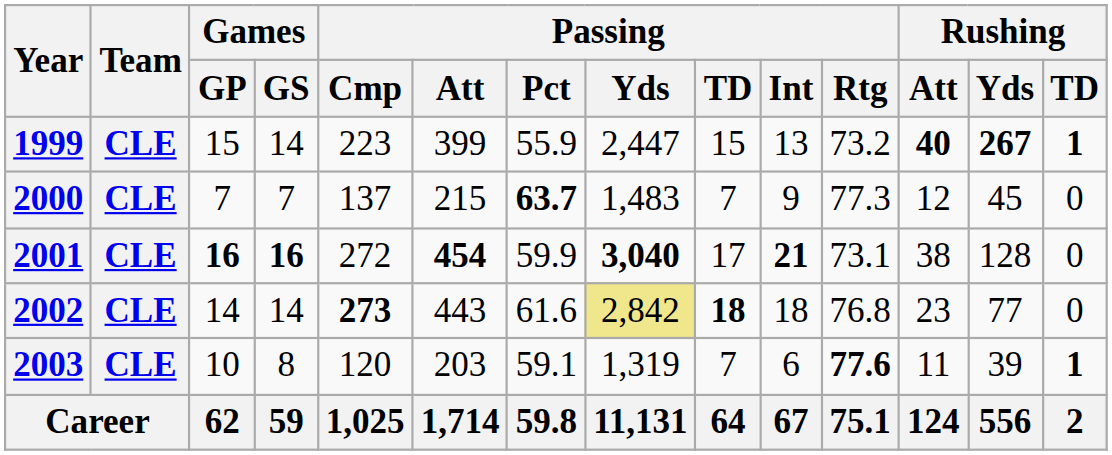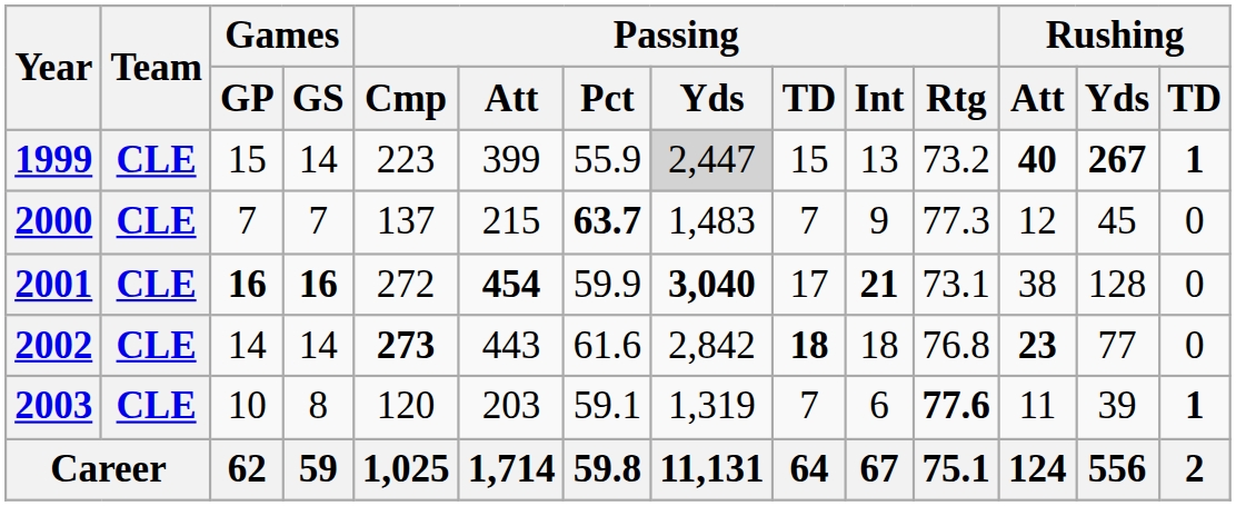 <table class = wikitable style = "text-align:center;">
 <tr>
 <th rowspan="2">Year</th>
 <th rowspan="2">Team</th>
 <th colspan="2">Games</th>
 <th colspan="7">Passing</th>
 <th colspan="3">Rushing</th>
 </tr>
 <tr>
 <th>GP</th>
 <th>GS</th>
 <th>Cmp</th>
 <th>Att</th>
 <th>Pct</th>
 <th>Yds</th>
 <th>TD</th>
 <th>Int</th>
 <th>Rtg</th>
 <th>Att</th>
 <th>Yds</th>
 <th>TD</th>
 </tr>
 <tr>
 <th><a href='#'>1999</a></th>
 <th><a href='#'>CLE</a></th>
 <td>15</td>
 <td>14</td>
 <td>223</td>
 <td>399</td>
 <td>55.9</td>
-<td>2,447</td>
+<td style="background: lightgrey;">2,447</td>
 <td>15</td>
 <td>13</td>
 <td>73.2</td>
 <td><strong>40</strong></td>
 <td><strong>267</strong></td>
 <td><strong>1</strong></td>
 </tr>
 <tr>
 <th><a href='#'>2000</a></th>
 <th><a href='#'>CLE</a></th>
 <td>7</td>
 <td>7</td>
 <td>137</td>
 <td>215</td>
 <td><strong>63.7</strong></td>
 <td>1,483</td>
 <td>7</td>
 <td>9</td>
 <td>77.3</td>
 <td>12</td>
 <td>45</td>
 <td>0</td>
 </tr>
 <tr>
 <th><a href='#'>2001</a></th>
 <th><a href='#'>CLE</a></th>
 <td><strong>16</strong></td>
 <td><strong>16</strong></td>
 <td>272</td>
 <td><strong>454</strong></td>
 <td>59.9</td>
 <td><strong>3,040</strong></td>
 <td>17</td>
 <td><strong>21</strong></td>
 <td>73.1</td>
 <td>38</td>
 <td>128</td>
 <td>0</td>
 </tr>
 <tr>
 <th><a href='#'>2002</a></th>
 <th><a href='#'>CLE</a></th>
 <td>14</td>
 <td>14</td>
 <td><strong>273</strong></td>
 <td>443</td>
 <td>61.6</td>
-<td style="background: khaki;">2,842</td>
+<td>2,842</td>
 <td><strong>18</strong></td>
 <td>18</td>
 <td>76.8</td>
-<td>23</td>
+<td><strong>23</strong></td>
 <td>77</td>
 <td>0</td>
 </tr>
 <tr>
 <th><a href='#'>2003</a></th>
 <th><a href='#'>CLE</a></th>
 <td>10</td>
 <td>8</td>
 <td>120</td>
 <td>203</td>
 <td>59.1</td>
 <td>1,319</td>
 <td>7</td>
 <td>6</td>
 <td><strong>77.6</strong></td>
 <td>11</td>
 <td>39</td>
 <td><strong>1</strong></td>
 </tr>
 <tr>
 <th colspan="2">Career</th>
 <th>62</th>
 <th>59</th>
 <th>1,025</th>
 <th>1,714</th>
 <th>59.8</th>
 <th>11,131</th>
 <th>64</th>
 <th>67</th>
 <th>75.1</th>
 <th>124</th>
 <th>556</th>
 <th>2</th>
 </tr>
 </table>
